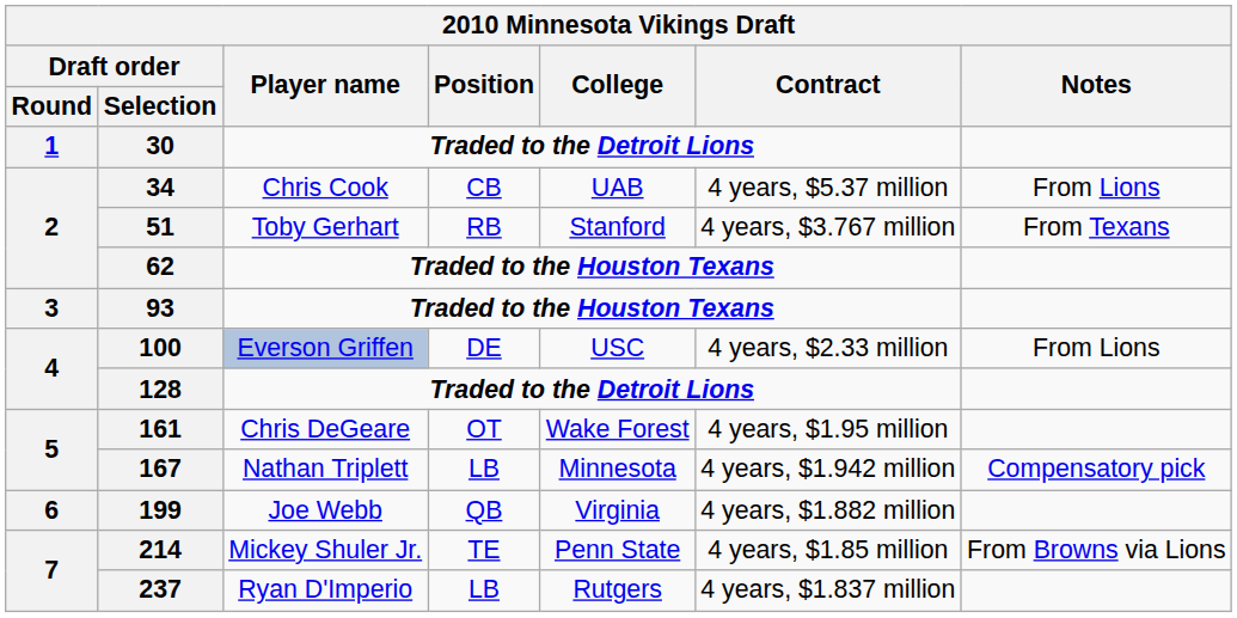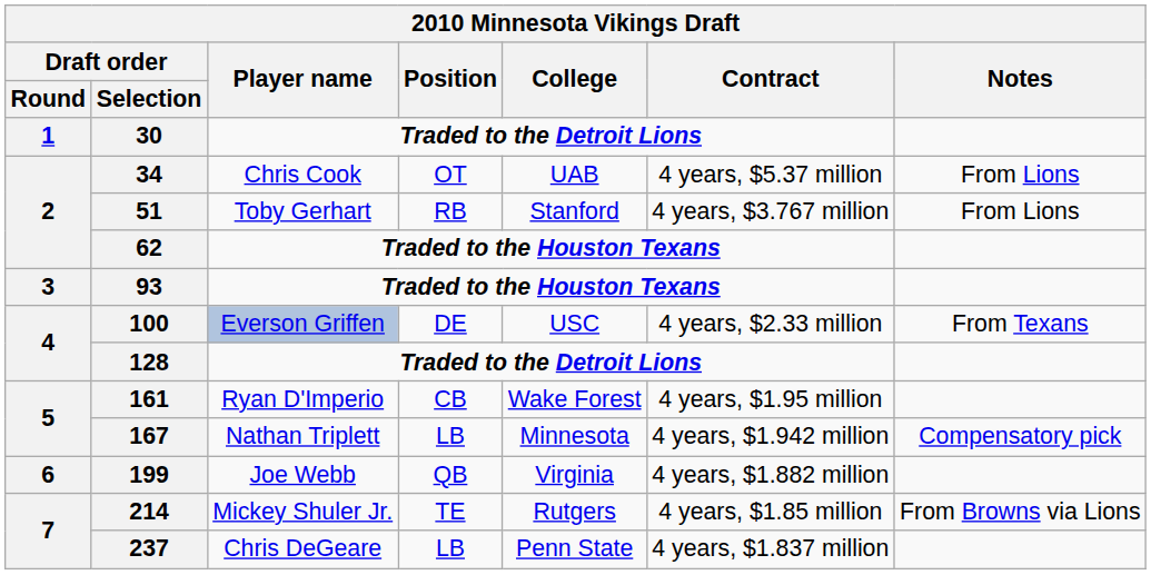 <table class="wikitable" style="text-align:center">
 <tr>
 <th colspan="7">2010 Minnesota Vikings Draft</th>
 </tr>
 <tr>
 <th colspan="2">Draft order</th>
 <th rowspan="2">Player name</th>
 <th rowspan="2">Position</th>
 <th rowspan="2">College</th>
 <th rowspan="2">Contract</th>
 <th rowspan="2">Notes</th>
 </tr>
 <tr>
 <th>Round</th>
 <th>Selection</th>
 </tr>
 <tr>
 <th><a href='#'>1</a></th>
 <th>30</th>
 <td colspan="4"><strong><em>Traded to the <a href='#'>Detroit Lions</a></em></strong></td>
 <td></td>
 </tr>
 <tr>
 <th rowspan="3">2</th>
 <th>34</th>
 <td><a href='#'>Chris Cook</a></td>
-<td><a href='#'>CB</a></td>
+<td><a href='#'>OT</a></td>
 <td><a href='#'>UAB</a></td>
 <td>4 years, $5.37 million</td>
 <td>From <a href='#'>Lions</a></td>
 </tr>
 <tr>
 <th>51</th>
 <td><a href='#'>Toby Gerhart</a></td>
 <td><a href='#'>RB</a></td>
 <td><a href='#'>Stanford</a></td>
 <td>4 years, $3.767 million</td>
-<td>From <a href='#'>Texans</a></td>
+<td>From Lions</td>
 </tr>
 <tr>
 <th>62</th>
 <td colspan="4"><strong><em>Traded to the <a href='#'>Houston Texans</a></em></strong></td>
 <td></td>
 </tr>
 <tr>
 <th>3</th>
 <th>93</th>
 <td colspan="4"><strong><em>Traded to the <a href='#'>Houston Texans</a></em></strong></td>
 <td></td>
 </tr>
 <tr>
 <th rowspan="2">4</th>
 <th>100</th>
 <td bgcolor=lightsteelblue><a href='#'>Everson Griffen</a></td>
 <td><a href='#'>DE</a></td>
 <td><a href='#'>USC</a></td>
 <td>4 years, $2.33 million</td>
-<td>From Lions</td>
+<td>From <a href='#'>Texans</a></td>
 </tr>
 <tr>
 <th>128</th>
 <td colspan="4"><strong><em>Traded to the <a href='#'>Detroit Lions</a></em></strong></td>
 <td></td>
 </tr>
 <tr>
 <th rowspan="2">5</th>
 <th>161</th>
-<td><a href='#'>Chris DeGeare</a></td>
-<td><a href='#'>OT</a></td>
+<td><a href='#'>Ryan D'Imperio</a></td>
+<td><a href='#'>CB</a></td>
 <td><a href='#'>Wake Forest</a></td>
 <td>4 years, $1.95 million</td>
 <td></td>
 </tr>
 <tr>
 <th>167</th>
 <td><a href='#'>Nathan Triplett</a></td>
 <td><a href='#'>LB</a></td>
 <td><a href='#'>Minnesota</a></td>
 <td>4 years, $1.942 million</td>
 <td><a href='#'>Compensatory pick</a></td>
 </tr>
 <tr>
 <th>6</th>
 <th>199</th>
 <td><a href='#'>Joe Webb</a></td>
 <td><a href='#'>QB</a></td>
 <td><a href='#'>Virginia</a></td>
 <td>4 years, $1.882 million</td>
 <td></td>
 </tr>
 <tr>
 <th rowspan="2">7</th>
 <th>214</th>
 <td><a href='#'>Mickey Shuler Jr.</a></td>
 <td><a href='#'>TE</a></td>
-<td><a href='#'>Penn State</a></td>
+<td><a href='#'>Rutgers</a></td>
 <td>4 years, $1.85 million</td>
 <td>From <a href='#'>Browns</a> via Lions</td>
 </tr>
 <tr>
 <th>237</th>
-<td><a href='#'>Ryan D'Imperio</a></td>
+<td><a href='#'>Chris DeGeare</a></td>
 <td><a href='#'>LB</a></td>
-<td><a href='#'>Rutgers</a></td>
+<td><a href='#'>Penn State</a></td>
 <td>4 years, $1.837 million</td>
 <td></td>
 </tr>
 </table>
